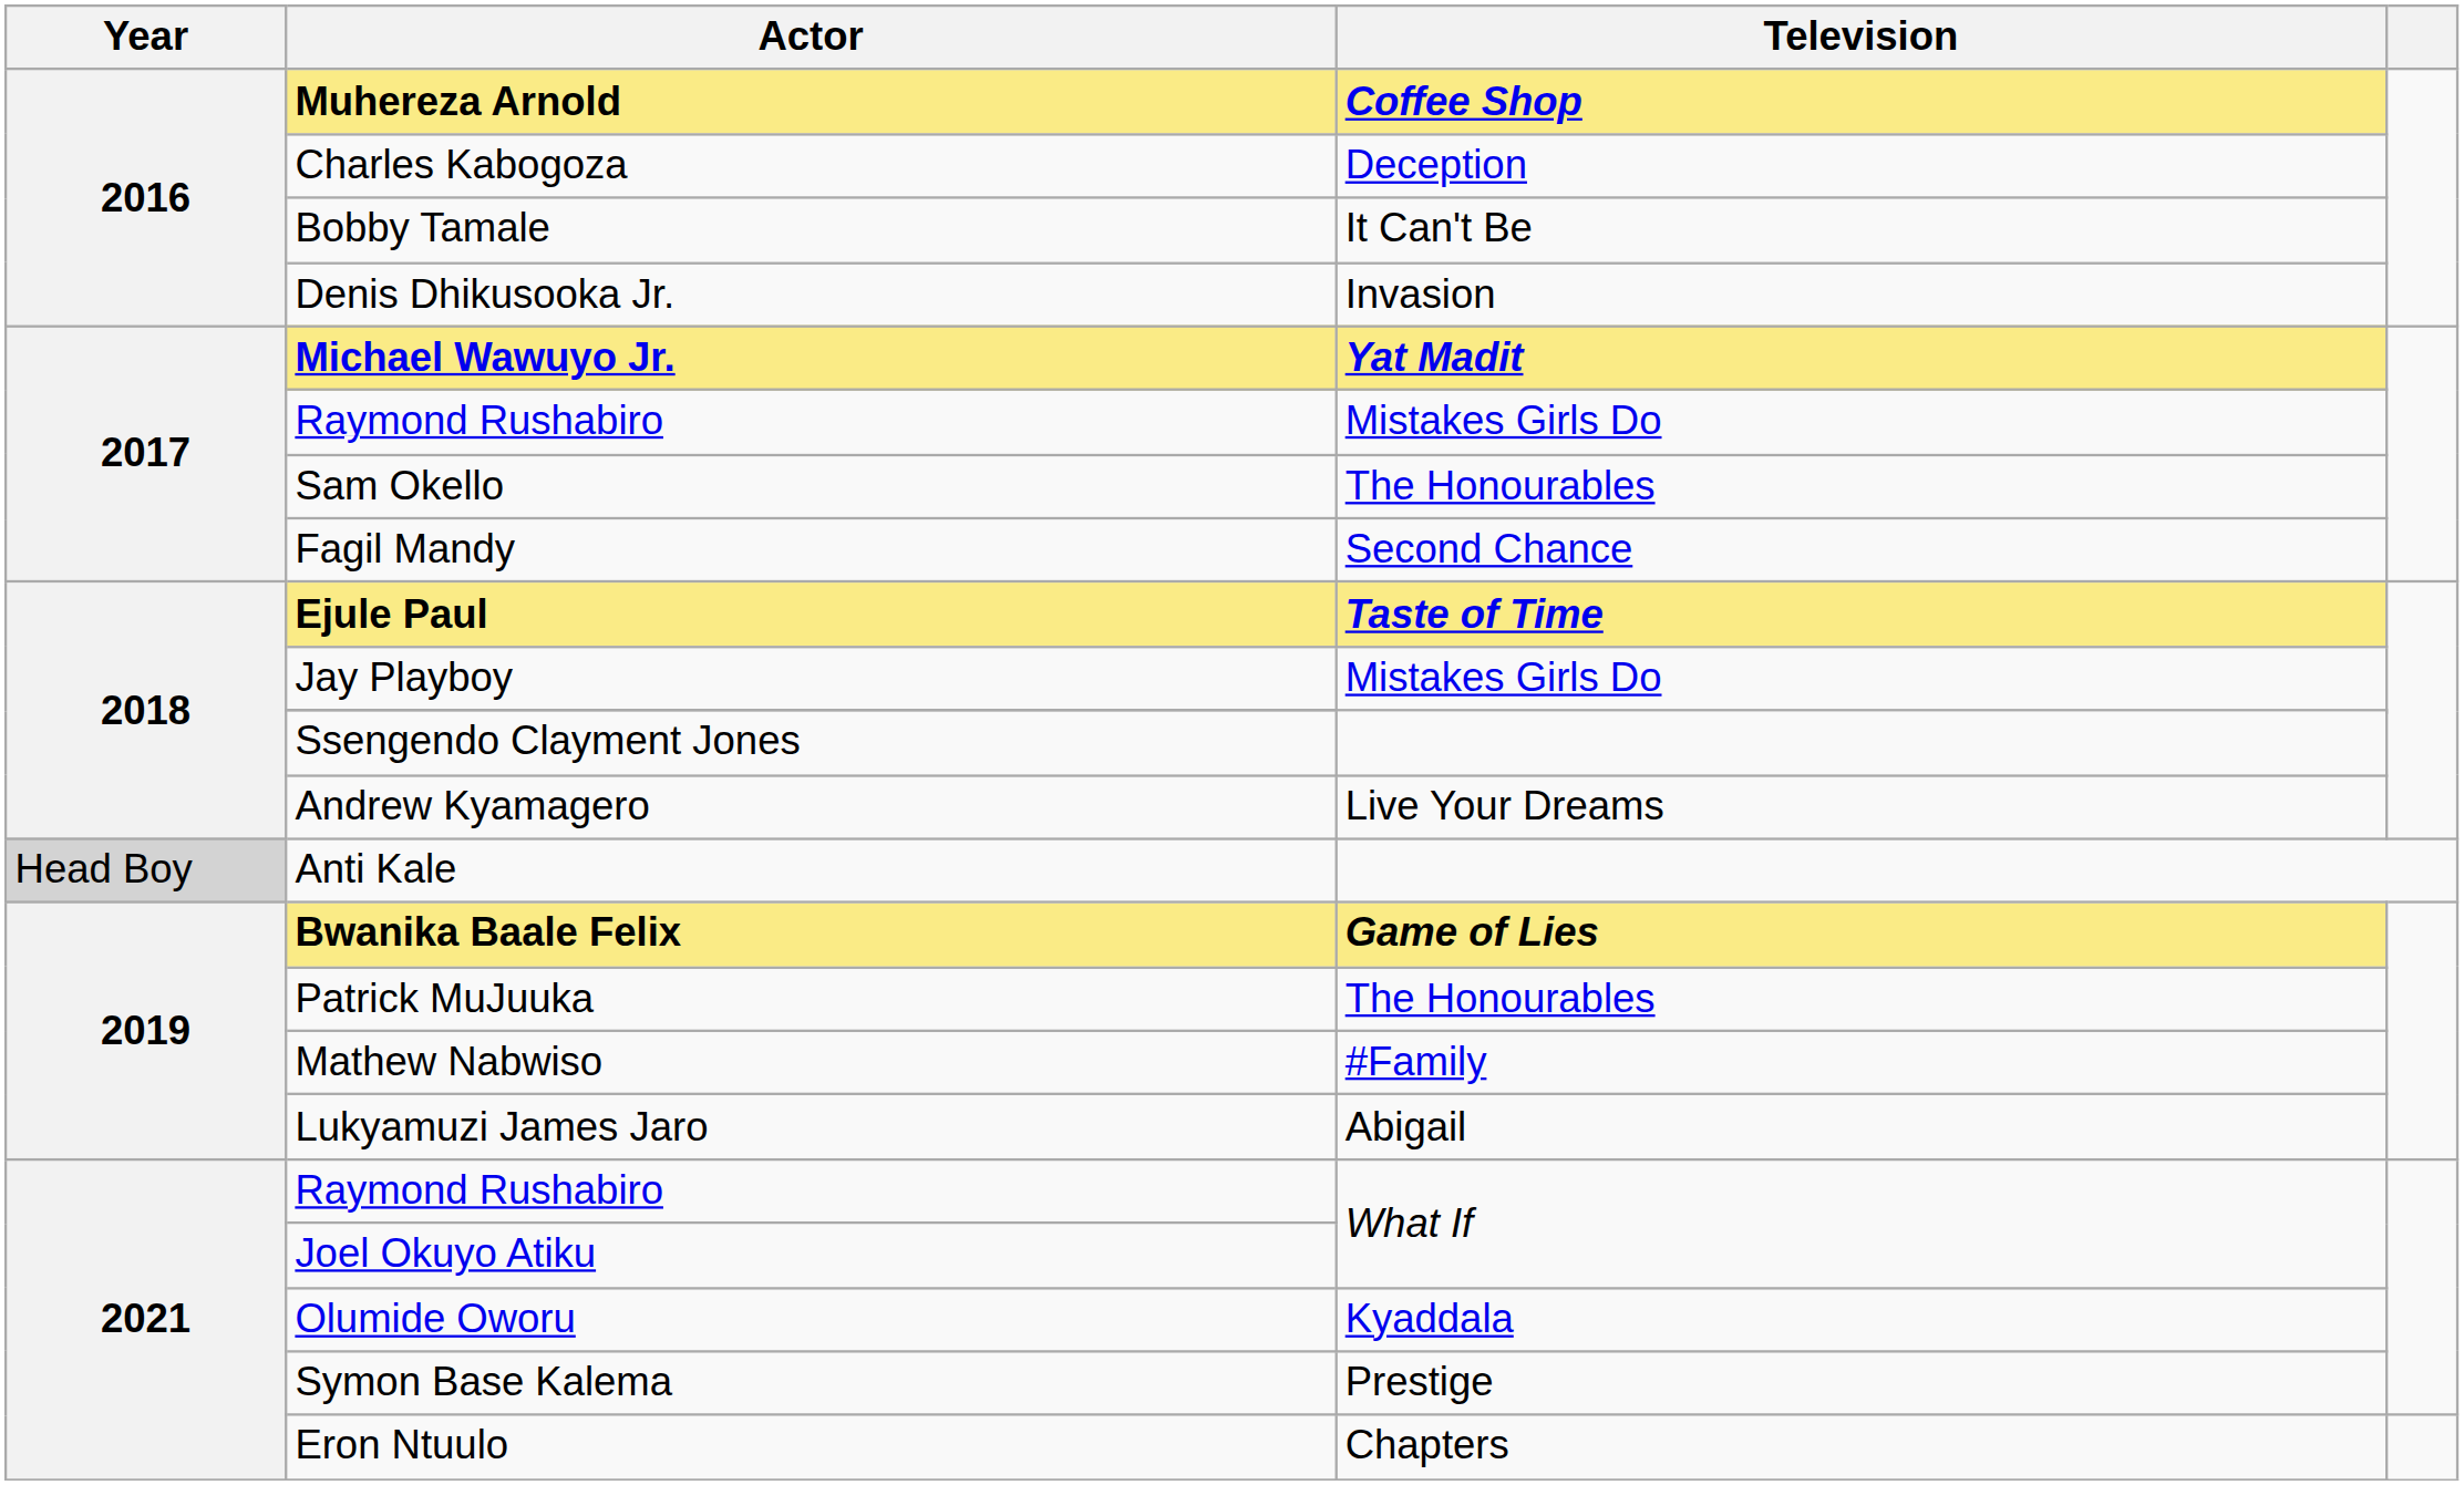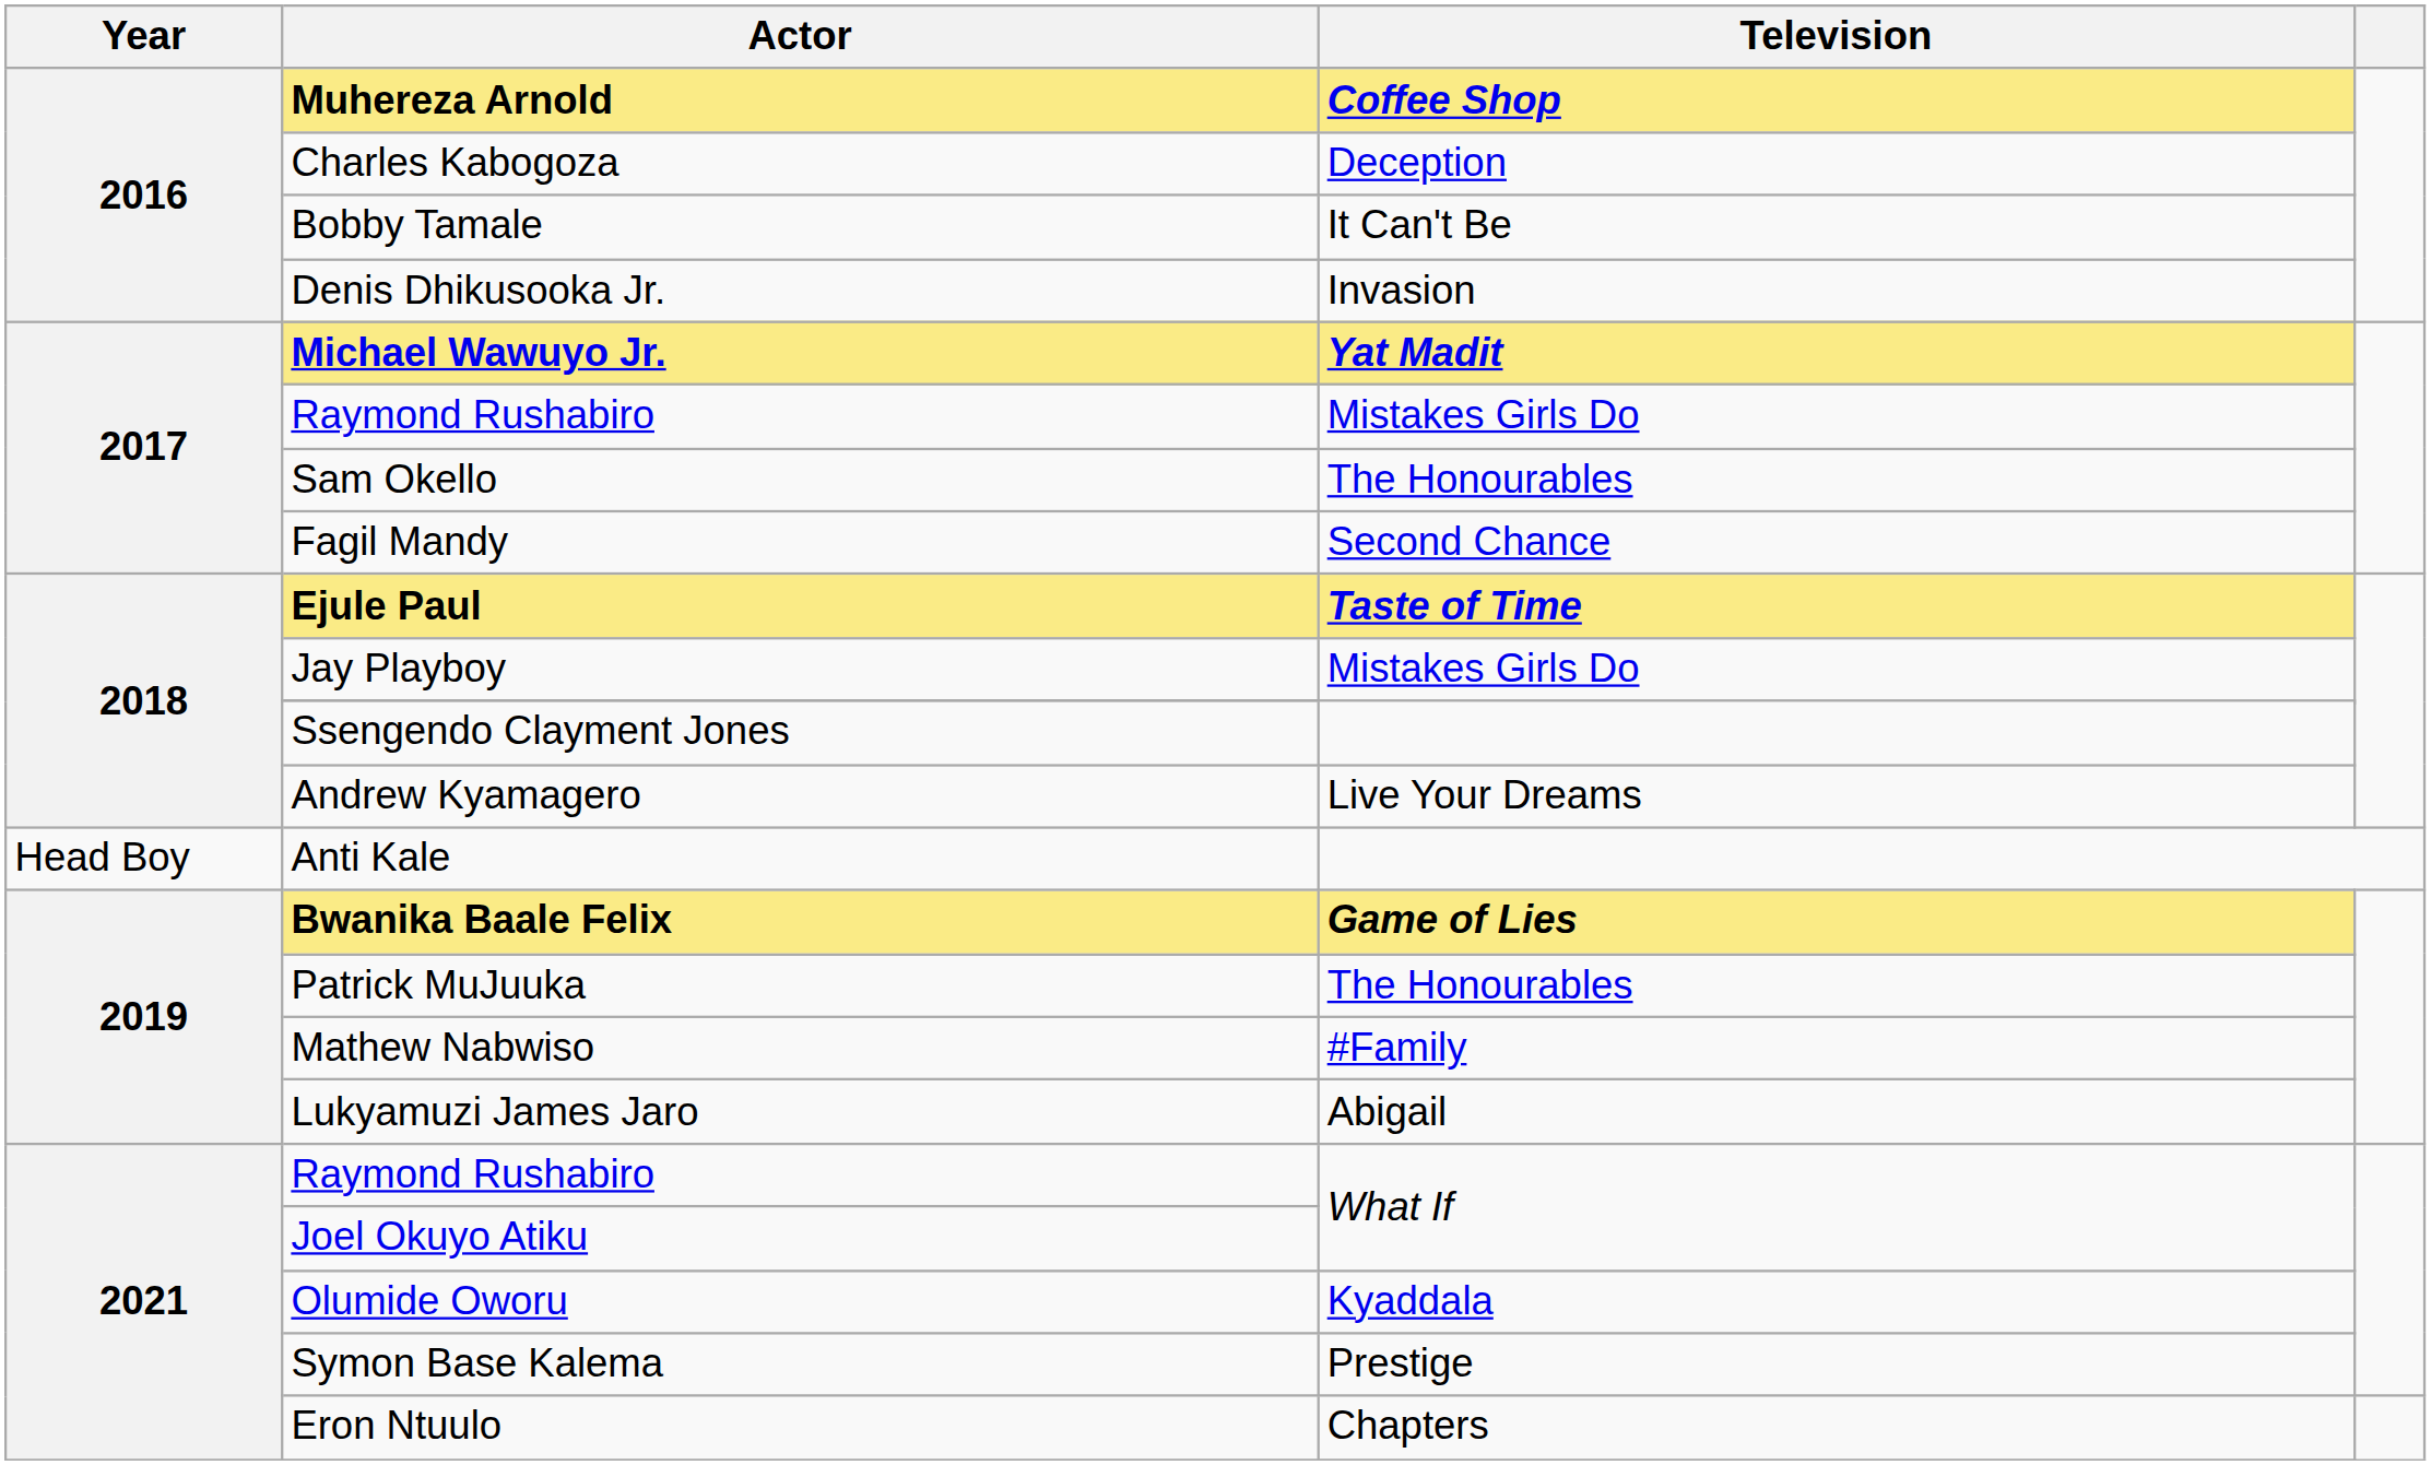 <table class="wikitable sortable">
 <tr>
 <th scope="col" style="width:8%;">Year</th>
 <th scope="col" style="width:30%;">Actor</th>
 <th scope="col" style="width:30%;">Television</th>
 <th scope="col" style="width:2%;" class="unsortable"></th>
 </tr>
 <tr>
 <th scope="row" rowspan=4 style="text-align:center;">2016 <br></th>
 <td style="background:#FAEB86;"><strong>Muhereza Arnold</strong></td>
 <td style="background:#FAEB86;"><strong><em><a href='#'>Coffee Shop</a></em></strong></td>
 <td rowspan="4"></td>
 </tr>
 <tr>
 <td>Charles Kabogoza</td>
 <td><a href='#'>Deception</a></td>
 </tr>
 <tr>
 <td>Bobby Tamale</td>
 <td>It Can't Be</td>
 </tr>
 <tr>
 <td>Denis Dhikusooka Jr.</td>
 <td>Invasion</td>
 </tr>
 <tr>
 <th scope="row" rowspan=4 style="text-align:center;">2017 <br></th>
 <td style="background:#FAEB86;"><strong><a href='#'>Michael Wawuyo Jr.</a></strong></td>
 <td style="background:#FAEB86;"><strong><em><a href='#'>Yat Madit</a></em></strong></td>
 <td rowspan="4"></td>
 </tr>
 <tr>
 <td><a href='#'>Raymond Rushabiro</a></td>
 <td><a href='#'>Mistakes Girls Do</a></td>
 </tr>
 <tr>
 <td>Sam Okello</td>
 <td><a href='#'>The Honourables</a></td>
 </tr>
 <tr>
 <td>Fagil Mandy</td>
 <td><a href='#'>Second Chance</a></td>
 </tr>
 <tr>
 <th scope="row" rowspan=5 style="text-align:center;">2018 <br></th>
 <td style="background:#FAEB86;"><strong>Ejule Paul</strong></td>
 <td style="background:#FAEB86;"><strong><em><a href='#'>Taste of Time</a></em></strong></td>
 <td rowspan="5"></td>
 </tr>
 <tr>
 <td>Jay Playboy</td>
 <td rowspan="2"><a href='#'>Mistakes Girls Do</a></td>
 </tr>
 <tr>
 </tr>
 <tr>
 <td>Ssengendo Clayment Jones</td>
 </tr>
 <tr>
 <td>Andrew Kyamagero</td>
 <td>Live Your Dreams</td>
 </tr>
 <tr>
-<td style="background: lightgrey;">Head Boy</td>
+<td>Head Boy</td>
 <td>Anti Kale</td>
 </tr>
 <tr>
 <th scope="row" rowspan=4 style="text-align:center;">2019 <br></th>
 <td style="background:#FAEB86;"><strong>Bwanika Baale Felix</strong></td>
 <td style="background:#FAEB86;"><strong><em>Game of Lies</em></strong></td>
 <td rowspan="4"></td>
 </tr>
 <tr>
 <td>Patrick MuJuuka</td>
 <td><a href='#'>The Honourables</a></td>
 </tr>
 <tr>
 <td>Mathew Nabwiso</td>
 <td><a href='#'>#Family</a></td>
 </tr>
 <tr>
 <td>Lukyamuzi James Jaro</td>
 <td>Abigail</td>
 </tr>
 <tr>
 <th scope="row" rowspan=5 style="text-align:center;">2021 <br></th>
 <td><a href='#'>Raymond Rushabiro</a></td>
 <td rowspan="2"><em>What If</em></td>
 <td rowspan="4"></td>
 </tr>
 <tr>
 <td><a href='#'>Joel Okuyo Atiku</a></td>
 </tr>
 <tr>
 <td><a href='#'>Olumide Oworu</a></td>
 <td><a href='#'>Kyaddala</a></td>
 </tr>
 <tr>
 <td>Symon Base Kalema</td>
 <td>Prestige</td>
 </tr>
 <tr>
 <td>Eron Ntuulo</td>
 <td>Chapters</td>
 </tr>
 <tr>
 </tr>
 </table>
